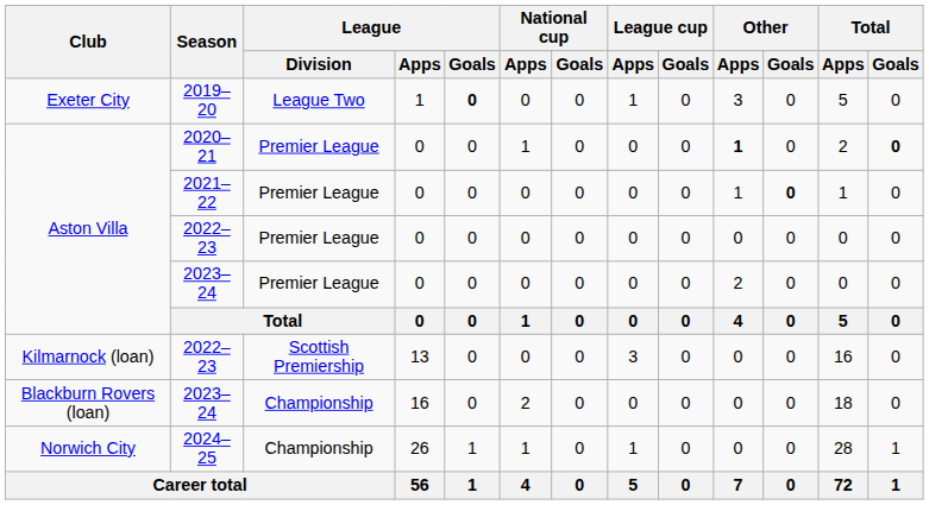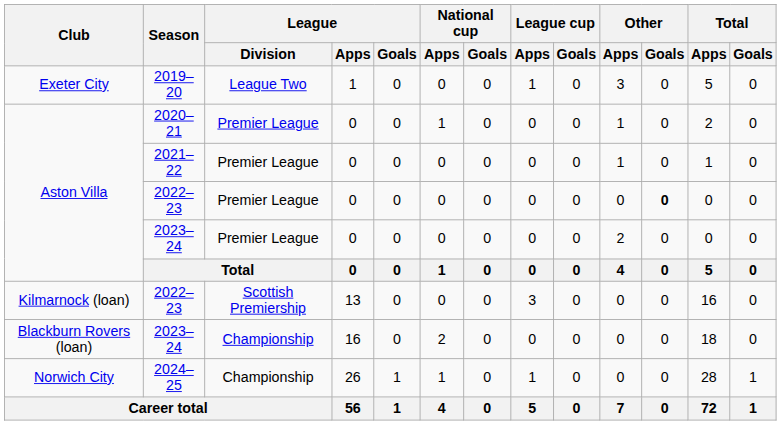 <table class=wikitable style=text-align:center>
 <tr>
 <th rowspan="2">Club</th>
 <th rowspan="2">Season</th>
 <th colspan="3">League</th>
 <th colspan="2">National cup</th>
 <th colspan="2">League cup</th>
 <th colspan="2">Other</th>
 <th colspan="2">Total</th>
 </tr>
 <tr>
 <th>Division</th>
 <th>Apps</th>
 <th>Goals</th>
 <th>Apps</th>
 <th>Goals</th>
 <th>Apps</th>
 <th>Goals</th>
 <th>Apps</th>
 <th>Goals</th>
 <th>Apps</th>
 <th>Goals</th>
 </tr>
 <tr>
 <td><a href='#'>Exeter City</a></td>
 <td><a href='#'>2019–20</a></td>
 <td><a href='#'>League Two</a></td>
 <td>1</td>
-<td><strong>0</strong></td>
+<td>0</td>
 <td>0</td>
 <td>0</td>
 <td>1</td>
 <td>0</td>
 <td>3</td>
 <td>0</td>
 <td>5</td>
 <td>0</td>
 </tr>
 <tr>
 <td rowspan="5"><a href='#'>Aston Villa</a></td>
 <td><a href='#'>2020–21</a></td>
 <td><a href='#'>Premier League</a></td>
 <td>0</td>
 <td>0</td>
 <td>1</td>
 <td>0</td>
 <td>0</td>
 <td>0</td>
-<td><strong>1</strong></td>
+<td>1</td>
 <td>0</td>
 <td>2</td>
-<td><strong>0</strong></td>
+<td>0</td>
 </tr>
 <tr>
 <td><a href='#'>2021–22</a></td>
 <td>Premier League</td>
 <td>0</td>
 <td>0</td>
 <td>0</td>
 <td>0</td>
 <td>0</td>
 <td>0</td>
 <td>1</td>
-<td><strong>0</strong></td>
+<td>0</td>
 <td>1</td>
 <td>0</td>
 </tr>
 <tr>
 <td><a href='#'>2022–23</a></td>
 <td>Premier League</td>
 <td>0</td>
 <td>0</td>
 <td>0</td>
 <td>0</td>
 <td>0</td>
 <td>0</td>
 <td>0</td>
-<td>0</td>
+<td><strong>0</strong></td>
 <td>0</td>
 <td>0</td>
 </tr>
 <tr>
 <td><a href='#'>2023–24</a></td>
 <td>Premier League</td>
 <td>0</td>
 <td>0</td>
 <td>0</td>
 <td>0</td>
 <td>0</td>
 <td>0</td>
 <td>2</td>
 <td>0</td>
 <td>0</td>
 <td>0</td>
 </tr>
 <tr>
 <th colspan="2">Total</th>
 <th>0</th>
 <th>0</th>
 <th>1</th>
 <th>0</th>
 <th>0</th>
 <th>0</th>
 <th>4</th>
 <th>0</th>
 <th>5</th>
 <th>0</th>
 </tr>
 <tr>
 <td><a href='#'>Kilmarnock</a> (loan)</td>
 <td><a href='#'>2022–23</a></td>
 <td><a href='#'>Scottish Premiership</a></td>
 <td>13</td>
 <td>0</td>
 <td>0</td>
 <td>0</td>
 <td>3</td>
 <td>0</td>
 <td>0</td>
 <td>0</td>
 <td>16</td>
 <td>0</td>
 </tr>
 <tr>
 <td><a href='#'>Blackburn Rovers</a> (loan)</td>
 <td><a href='#'>2023–24</a></td>
 <td><a href='#'>Championship</a></td>
 <td>16</td>
 <td>0</td>
 <td>2</td>
 <td>0</td>
 <td>0</td>
 <td>0</td>
 <td>0</td>
 <td>0</td>
 <td>18</td>
 <td>0</td>
 </tr>
 <tr>
 <td><a href='#'>Norwich City</a></td>
 <td><a href='#'>2024–25</a></td>
 <td>Championship</td>
 <td>26</td>
 <td>1</td>
 <td>1</td>
 <td>0</td>
 <td>1</td>
 <td>0</td>
 <td>0</td>
 <td>0</td>
 <td>28</td>
 <td>1</td>
 </tr>
 <tr>
 <th colspan="3">Career total</th>
 <th>56</th>
 <th>1</th>
 <th>4</th>
 <th>0</th>
 <th>5</th>
 <th>0</th>
 <th>7</th>
 <th>0</th>
 <th>72</th>
 <th>1</th>
 </tr>
 </table>
